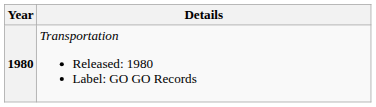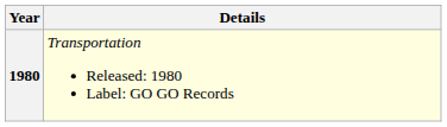 <table class="wikitable plainrowheaders" style="text-align:left;">
 <tr>
 <th scope="col">Year</th>
 <th scope="col" style="width:400px">Details</th>
 </tr>
 <tr>
 <th scope="row">1980</th>
-<td><em>Transportation</em><br><ul><li>Released: 1980</li><li>Label: GO GO Records</li></ul></td>
+<td style="background: lightyellow;"><em>Transportation</em><br><ul><li>Released: 1980</li><li>Label: GO GO Records</li></ul></td>
 </tr>
 </table>
